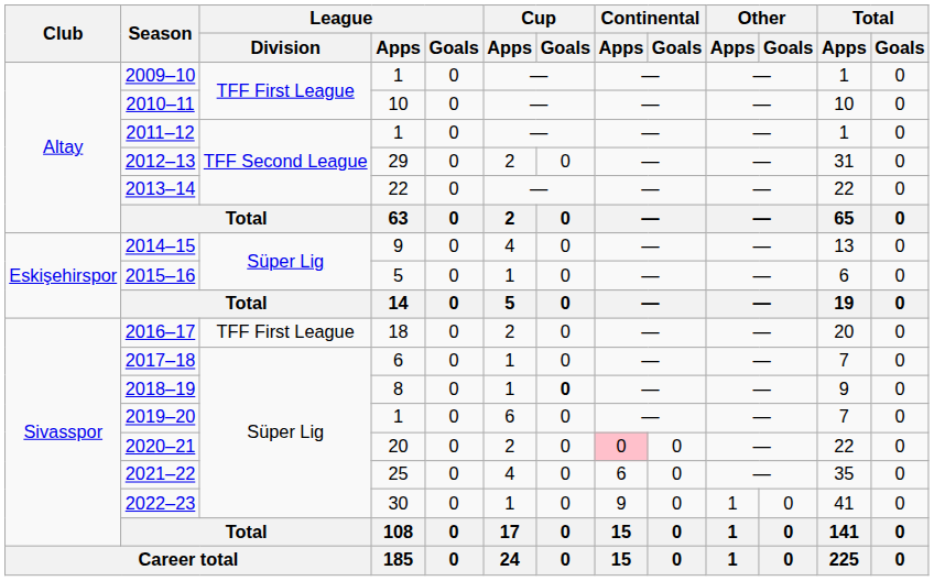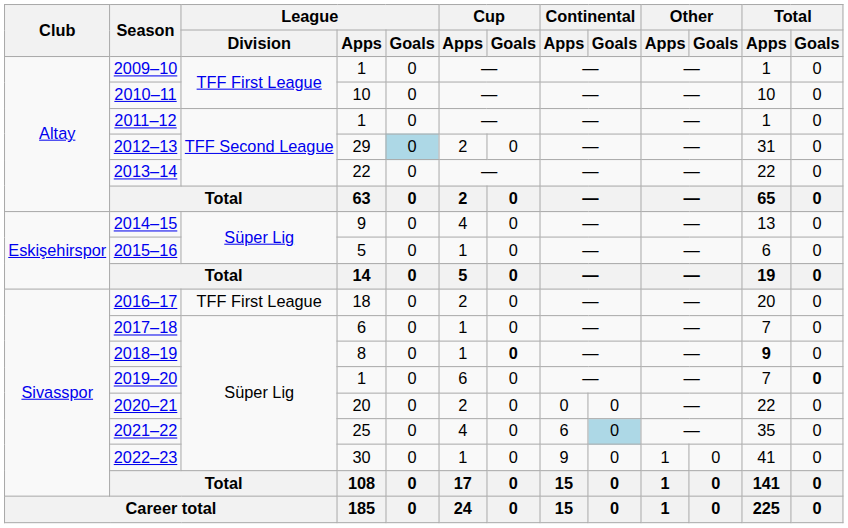 <table class="wikitable" style="text-align:center">
 <tr>
 <th rowspan="2">Club</th>
 <th rowspan="2">Season</th>
 <th colspan="3">League</th>
 <th colspan="2">Cup</th>
 <th colspan="2">Continental</th>
 <th colspan="2">Other</th>
 <th colspan="2">Total</th>
 </tr>
 <tr>
 <th>Division</th>
 <th>Apps</th>
 <th>Goals</th>
 <th>Apps</th>
 <th>Goals</th>
 <th>Apps</th>
 <th>Goals</th>
 <th>Apps</th>
 <th>Goals</th>
 <th>Apps</th>
 <th>Goals</th>
 </tr>
 <tr>
 <td rowspan="6"><a href='#'>Altay</a></td>
 <td><a href='#'>2009–10</a></td>
 <td rowspan="2"><a href='#'>TFF First League</a></td>
 <td>1</td>
 <td>0</td>
 <td colspan="2">—</td>
 <td colspan="2">—</td>
 <td colspan="2">—</td>
 <td>1</td>
 <td>0</td>
 </tr>
 <tr>
 <td><a href='#'>2010–11</a></td>
 <td>10</td>
 <td>0</td>
 <td colspan="2">—</td>
 <td colspan="2">—</td>
 <td colspan="2">—</td>
 <td>10</td>
 <td>0</td>
 </tr>
 <tr>
 <td><a href='#'>2011–12</a></td>
 <td rowspan="3"><a href='#'>TFF Second League</a></td>
 <td>1</td>
 <td>0</td>
 <td colspan="2">—</td>
 <td colspan="2">—</td>
 <td colspan="2">—</td>
 <td>1</td>
 <td>0</td>
 </tr>
 <tr>
 <td><a href='#'>2012–13</a></td>
 <td>29</td>
-<td>0</td>
+<td style="background: lightblue;">0</td>
 <td>2</td>
 <td>0</td>
 <td colspan="2">—</td>
 <td colspan="2">—</td>
 <td>31</td>
 <td>0</td>
 </tr>
 <tr>
 <td align="center"><a href='#'>2013–14</a></td>
 <td>22</td>
 <td>0</td>
 <td colspan="2">—</td>
 <td colspan="2">—</td>
 <td colspan="2">—</td>
 <td>22</td>
 <td>0</td>
 </tr>
 <tr>
 <th colspan="2">Total</th>
 <th>63</th>
 <th>0</th>
 <th>2</th>
 <th>0</th>
 <th colspan="2">—</th>
 <th colspan="2">—</th>
 <th>65</th>
 <th>0</th>
 </tr>
 <tr>
 <td rowspan="3"><a href='#'>Eskişehirspor</a></td>
 <td><a href='#'>2014–15</a></td>
 <td rowspan="2"><a href='#'>Süper Lig</a></td>
 <td>9</td>
 <td>0</td>
 <td>4</td>
 <td>0</td>
 <td colspan="2">—</td>
 <td colspan="2">—</td>
 <td>13</td>
 <td>0</td>
 </tr>
 <tr>
 <td><a href='#'>2015–16</a></td>
 <td>5</td>
 <td>0</td>
 <td>1</td>
 <td>0</td>
 <td colspan="2">—</td>
 <td colspan="2">—</td>
 <td>6</td>
 <td>0</td>
 </tr>
 <tr>
 <th colspan="2">Total</th>
 <th>14</th>
 <th>0</th>
 <th>5</th>
 <th>0</th>
 <th colspan="2">—</th>
 <th colspan="2">—</th>
 <th>19</th>
 <th>0</th>
 </tr>
 <tr>
 <td rowspan="8"><a href='#'>Sivasspor</a></td>
 <td><a href='#'>2016–17</a></td>
 <td>TFF First League</td>
 <td>18</td>
 <td>0</td>
 <td>2</td>
 <td>0</td>
 <td colspan="2">—</td>
 <td colspan="2">—</td>
 <td>20</td>
 <td>0</td>
 </tr>
 <tr>
 <td><a href='#'>2017–18</a></td>
 <td rowspan="6">Süper Lig</td>
 <td>6</td>
 <td>0</td>
 <td>1</td>
 <td>0</td>
 <td colspan="2">—</td>
 <td colspan="2">—</td>
 <td>7</td>
 <td>0</td>
 </tr>
 <tr>
 <td><a href='#'>2018–19</a></td>
 <td>8</td>
 <td>0</td>
 <td>1</td>
 <td><strong>0</strong></td>
 <td colspan="2">—</td>
 <td colspan="2">—</td>
-<td>9</td>
+<td><strong>9</strong></td>
 <td>0</td>
 </tr>
 <tr>
 <td><a href='#'>2019–20</a></td>
 <td>1</td>
 <td>0</td>
 <td>6</td>
 <td>0</td>
 <td colspan="2">—</td>
 <td colspan="2">—</td>
 <td>7</td>
-<td>0</td>
+<td><strong>0</strong></td>
 </tr>
 <tr>
 <td><a href='#'>2020–21</a></td>
 <td>20</td>
 <td>0</td>
 <td>2</td>
 <td>0</td>
-<td style="background: pink;">0</td>
+<td>0</td>
 <td>0</td>
 <td colspan="2">—</td>
 <td>22</td>
 <td>0</td>
 </tr>
 <tr>
 <td><a href='#'>2021–22</a></td>
 <td>25</td>
 <td>0</td>
 <td>4</td>
 <td>0</td>
 <td>6</td>
-<td>0</td>
+<td style="background: lightblue;">0</td>
 <td colspan="2">—</td>
 <td>35</td>
 <td>0</td>
 </tr>
 <tr>
 <td><a href='#'>2022–23</a></td>
 <td>30</td>
 <td>0</td>
 <td>1</td>
 <td>0</td>
 <td>9</td>
 <td>0</td>
 <td>1</td>
 <td>0</td>
 <td>41</td>
 <td>0</td>
 </tr>
 <tr>
 <th colspan="2">Total</th>
 <th>108</th>
 <th>0</th>
 <th>17</th>
 <th>0</th>
 <th>15</th>
 <th>0</th>
 <th>1</th>
 <th>0</th>
 <th>141</th>
 <th>0</th>
 </tr>
 <tr>
 <th colspan="3">Career total</th>
 <th>185</th>
 <th>0</th>
 <th>24</th>
 <th>0</th>
 <th>15</th>
 <th>0</th>
 <th>1</th>
 <th>0</th>
 <th>225</th>
 <th>0</th>
 </tr>
 </table>
